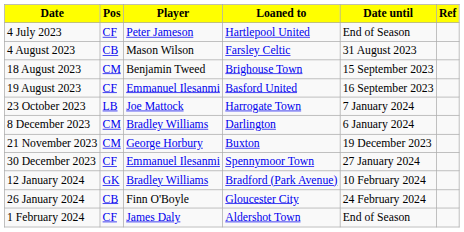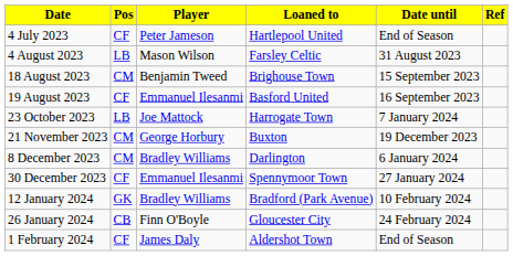 <table class="wikitable plainrowheaders sortable">
 <tr>
 <th style="background: yellow; color: black; ">Date</th>
 <th style="background: yellow; color: black; ">Pos</th>
 <th style="background: yellow; color: black; ">Player</th>
 <th style="background: yellow; color: black; ">Loaned to</th>
 <th style="background: yellow; color: black; ">Date until</th>
 <th style="background: yellow; color: black; ">Ref</th>
 </tr>
 <tr>
 <td>4 July 2023</td>
 <td><a href='#'>CF</a></td>
 <td> <a href='#'>Peter Jameson</a></td>
 <td> <a href='#'>Hartlepool United</a></td>
 <td>End of Season</td>
 <td></td>
 </tr>
 <tr>
 <td>4 August 2023</td>
-<td><a href='#'>CB</a></td>
+<td><a href='#'>LB</a></td>
 <td> Mason Wilson</td>
 <td> <a href='#'>Farsley Celtic</a></td>
 <td>31 August 2023</td>
 <td></td>
 </tr>
 <tr>
 <td>18 August 2023</td>
 <td><a href='#'>CM</a></td>
 <td> Benjamin Tweed</td>
 <td> <a href='#'>Brighouse Town</a></td>
 <td>15 September 2023</td>
 <td></td>
 </tr>
 <tr>
 <td>19 August 2023</td>
 <td><a href='#'>CF</a></td>
 <td> <a href='#'>Emmanuel Ilesanmi</a></td>
 <td> <a href='#'>Basford United</a></td>
 <td>16 September 2023</td>
 <td></td>
 </tr>
 <tr>
 <td>23 October 2023</td>
 <td><a href='#'>LB</a></td>
 <td> <a href='#'>Joe Mattock</a></td>
 <td> <a href='#'>Harrogate Town</a></td>
 <td>7 January 2024</td>
 <td></td>
 </tr>
 <tr>
+<td>21 November 2023</td>
+<td><a href='#'>CM</a></td>
+<td> <a href='#'>George Horbury</a></td>
+<td> <a href='#'>Buxton</a></td>
+<td>19 December 2023</td>
+<td></td>
+</tr>
+<tr>
 <td>8 December 2023</td>
 <td><a href='#'>CM</a></td>
 <td> <a href='#'>Bradley Williams</a></td>
 <td> <a href='#'>Darlington</a></td>
 <td>6 January 2024</td>
-<td></td>
-</tr>
-<tr>
-<td>21 November 2023</td>
-<td><a href='#'>CM</a></td>
-<td> <a href='#'>George Horbury</a></td>
-<td> <a href='#'>Buxton</a></td>
-<td>19 December 2023</td>
 <td></td>
 </tr>
 <tr>
 <td>30 December 2023</td>
 <td><a href='#'>CF</a></td>
 <td> <a href='#'>Emmanuel Ilesanmi</a></td>
 <td> <a href='#'>Spennymoor Town</a></td>
 <td>27 January 2024</td>
 <td></td>
 </tr>
 <tr>
 <td>12 January 2024</td>
 <td><a href='#'>GK</a></td>
 <td> <a href='#'>Bradley Williams</a></td>
 <td> <a href='#'>Bradford (Park Avenue)</a></td>
 <td>10 February 2024</td>
 <td></td>
 </tr>
 <tr>
 <td>26 January 2024</td>
 <td><a href='#'>CB</a></td>
 <td> Finn O'Boyle</td>
 <td> <a href='#'>Gloucester City</a></td>
 <td>24 February 2024</td>
 <td></td>
 </tr>
 <tr>
 <td>1 February 2024</td>
 <td><a href='#'>CF</a></td>
 <td> <a href='#'>James Daly</a></td>
 <td> <a href='#'>Aldershot Town</a></td>
 <td>End of Season</td>
 <td></td>
 </tr>
 </table>
